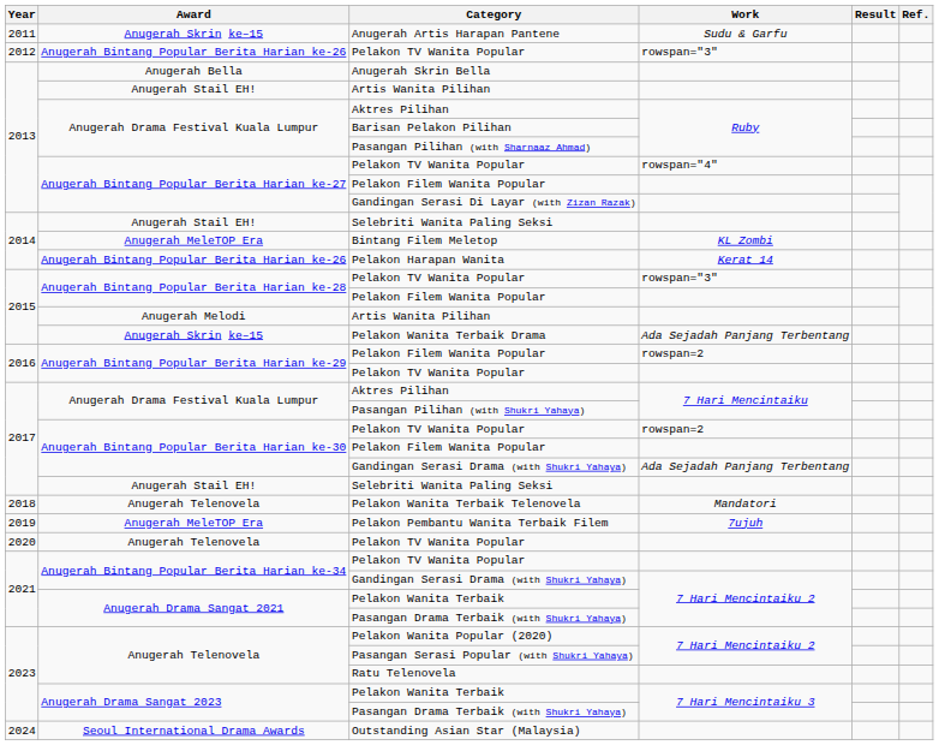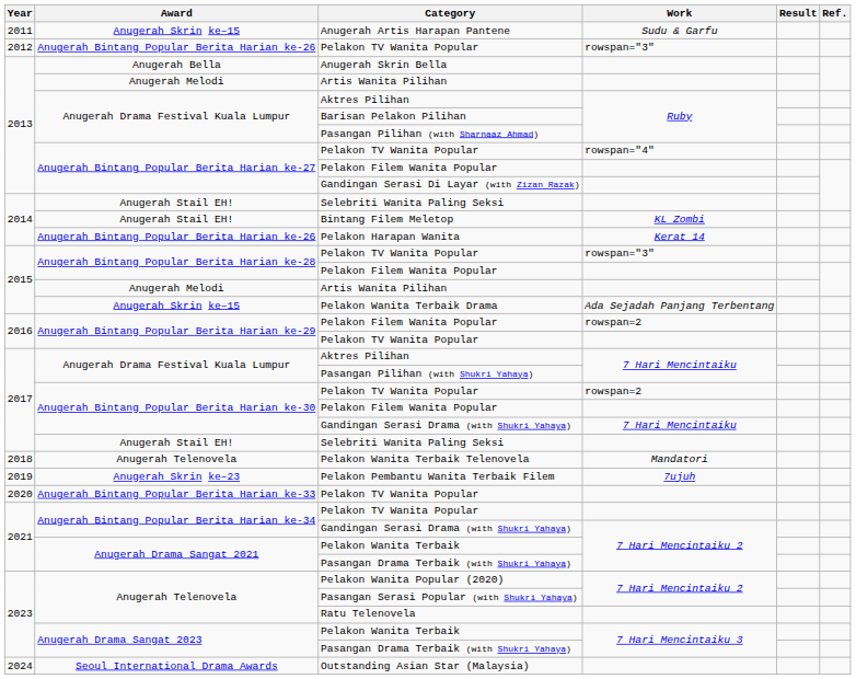 <table class="wikitable sortable">
 <tr>
 <th>Year</th>
 <th>Award</th>
 <th>Category</th>
 <th>Work</th>
 <th>Result</th>
 <th class=unsortable>Ref.</th>
 </tr>
 <tr>
 <td style="text-align:center;">2011</td>
 <td style="text-align:center;"><a href='#'>Anugerah Skrin</a> <a href='#'>ke–15</a></td>
 <td>Anugerah Artis Harapan Pantene</td>
 <td style="text-align:center;"><em>Sudu & Garfu</em></td>
 <td></td>
 <td></td>
 </tr>
 <tr>
 <td style="text-align:center;">2012</td>
 <td style="text-align:center;"><a href='#'>Anugerah Bintang Popular Berita Harian ke-26</a></td>
 <td>Pelakon TV Wanita Popular</td>
 <td>rowspan="3" </td>
 <td></td>
 <td></td>
 </tr>
 <tr>
 <td rowspan="8" style="text-align:center;">2013</td>
 <td style="text-align:center;">Anugerah Bella</td>
 <td>Anugerah Skrin Bella</td>
 <td></td>
 <td></td>
 </tr>
 <tr>
-<td style="text-align:center;">Anugerah Stail EH!</td>
+<td style="text-align:center;">Anugerah Melodi</td>
 <td>Artis Wanita Pilihan</td>
 <td></td>
 <td></td>
 </tr>
 <tr>
 <td rowspan="3" style="text-align:center;">Anugerah Drama Festival Kuala Lumpur</td>
 <td>Aktres Pilihan</td>
 <td rowspan="3" style="text-align:center;"><em><a href='#'>Ruby</a></em></td>
 <td></td>
 <td></td>
 </tr>
 <tr>
 <td>Barisan Pelakon Pilihan</td>
 <td></td>
 <td></td>
 </tr>
 <tr>
 <td>Pasangan Pilihan <small>(with <a href='#'>Sharnaaz Ahmad</a>)</small></td>
 <td></td>
 <td></td>
 </tr>
 <tr>
 <td rowspan="3" style="text-align:center;"><a href='#'>Anugerah Bintang Popular Berita Harian ke-27</a></td>
 <td>Pelakon TV Wanita Popular</td>
 <td>rowspan="4" </td>
 <td></td>
 <td></td>
 </tr>
 <tr>
 <td>Pelakon Filem Wanita Popular</td>
 <td></td>
 <td></td>
 </tr>
 <tr>
 <td>Gandingan Serasi Di Layar <small>(with <a href='#'>Zizan Razak</a>)</small></td>
 <td></td>
 <td></td>
 </tr>
 <tr>
 <td rowspan="3" style="text-align:center;">2014</td>
 <td style="text-align:center;">Anugerah Stail EH!</td>
 <td>Selebriti Wanita Paling Seksi</td>
 <td></td>
 <td></td>
 </tr>
 <tr>
-<td style="text-align:center;"><a href='#'>Anugerah MeleTOP Era</a></td>
+<td style="text-align:center;">Anugerah Stail EH!</td>
 <td>Bintang Filem Meletop</td>
 <td style="text-align:center;"><em><a href='#'>KL Zombi</a></em></td>
 <td></td>
 <td></td>
 </tr>
 <tr>
 <td style="text-align:center;"><a href='#'>Anugerah Bintang Popular Berita Harian ke-26</a></td>
 <td>Pelakon Harapan Wanita</td>
 <td style="text-align:center;"><em><a href='#'>Kerat 14</a></em></td>
 <td></td>
 <td></td>
 </tr>
 <tr>
 <td rowspan="4" style="text-align:center;">2015</td>
 <td rowspan="2" style="text-align:center;"><a href='#'>Anugerah Bintang Popular Berita Harian ke-28</a></td>
 <td>Pelakon TV Wanita Popular</td>
 <td>rowspan="3" </td>
 <td></td>
 <td></td>
 </tr>
 <tr>
 <td>Pelakon Filem Wanita Popular</td>
 <td></td>
 <td></td>
 </tr>
 <tr>
 <td style="text-align:center;">Anugerah Melodi</td>
 <td>Artis Wanita Pilihan</td>
 <td></td>
 <td></td>
 </tr>
 <tr>
 <td style="text-align:center;"><a href='#'>Anugerah Skrin</a> <a href='#'>ke–15</a></td>
 <td>Pelakon Wanita Terbaik Drama</td>
 <td style="text-align:center;"><em>Ada Sejadah Panjang Terbentang</em></td>
 <td></td>
 <td></td>
 </tr>
 <tr>
 <td rowspan=2 style="text-align:center;">2016</td>
 <td rowspan=2 style="text-align:center;"><a href='#'>Anugerah Bintang Popular Berita Harian ke-29</a></td>
 <td>Pelakon Filem Wanita Popular</td>
 <td>rowspan=2 </td>
 <td></td>
 <td></td>
 </tr>
 <tr>
 <td>Pelakon TV Wanita Popular</td>
 <td></td>
 <td></td>
 </tr>
 <tr>
 <td rowspan="6" style="text-align:center;">2017</td>
 <td rowspan=2 style="text-align:center;">Anugerah Drama Festival Kuala Lumpur</td>
 <td>Aktres Pilihan</td>
 <td rowspan=2 style="text-align:center;"><em><a href='#'>7 Hari Mencintaiku</a></em></td>
 <td></td>
 <td></td>
 </tr>
 <tr>
 <td>Pasangan Pilihan <small>(with <a href='#'>Shukri Yahaya</a>)</small></td>
 <td></td>
 <td></td>
 </tr>
 <tr>
 <td rowspan="3"  style="text-align:center;"><a href='#'>Anugerah Bintang Popular Berita Harian ke-30</a></td>
 <td>Pelakon TV Wanita Popular</td>
 <td>rowspan=2 </td>
 <td></td>
 <td></td>
 </tr>
 <tr>
 <td>Pelakon Filem Wanita Popular</td>
 <td></td>
 <td></td>
 </tr>
 <tr>
 <td>Gandingan Serasi Drama <small>(with <a href='#'>Shukri Yahaya</a>)</small></td>
-<td style="text-align:center;"><em>Ada Sejadah Panjang Terbentang</em></td>
+<td style="text-align:center;"><em><a href='#'>7 Hari Mencintaiku</a></em></td>
 <td></td>
 <td></td>
 </tr>
 <tr>
 <td style="text-align:center;">Anugerah Stail EH!</td>
 <td>Selebriti Wanita Paling Seksi</td>
 <td></td>
 <td></td>
 <td></td>
 </tr>
 <tr>
 <td style="text-align:center;">2018</td>
 <td style="text-align:center;">Anugerah Telenovela</td>
 <td>Pelakon Wanita Terbaik Telenovela</td>
 <td style="text-align:center;"><em>Mandatori</em></td>
 <td></td>
 <td></td>
 </tr>
 <tr>
 <td style="text-align:center;">2019</td>
-<td style="text-align:center;"><a href='#'>Anugerah MeleTOP Era</a></td>
+<td style="text-align:center;"><a href='#'>Anugerah Skrin</a> <a href='#'>ke–23</a></td>
 <td>Pelakon Pembantu Wanita Terbaik Filem</td>
 <td style="text-align:center;"><em><a href='#'>7ujuh</a></em></td>
 <td></td>
 <td></td>
 </tr>
 <tr>
 <td rowspan="1" style="text-align:center;">2020</td>
-<td style="text-align:center;">Anugerah Telenovela</td>
+<td rowspan="1" style="text-align:center;"><a href='#'>Anugerah Bintang Popular Berita Harian ke-33</a></td>
 <td>Pelakon TV Wanita Popular</td>
 <td></td>
 <td></td>
 <td></td>
 </tr>
 <tr>
 <td rowspan="4" style="text-align:center;">2021</td>
 <td rowspan="2" style="text-align:center;"><a href='#'>Anugerah Bintang Popular Berita Harian ke-34</a></td>
 <td>Pelakon TV Wanita Popular</td>
 <td></td>
 <td></td>
 <td></td>
 </tr>
 <tr>
 <td>Gandingan Serasi Drama <small>(with <a href='#'>Shukri Yahaya</a>)</small></td>
 <td rowspan="3" style="text-align:center;"><em><a href='#'>7 Hari Mencintaiku 2</a></em></td>
 <td></td>
 <td></td>
 </tr>
 <tr>
 <td rowspan="2" style="text-align:center;"><a href='#'>Anugerah Drama Sangat 2021</a></td>
 <td>Pelakon Wanita Terbaik</td>
 <td></td>
 <td></td>
 </tr>
 <tr>
 <td>Pasangan Drama Terbaik <small>(with <a href='#'>Shukri Yahaya</a>)</small></td>
 <td></td>
 <td></td>
 </tr>
 <tr>
 <td rowspan="5" style="text-align:center;">2023</td>
 <td rowspan="3" style="text-align:center;">Anugerah Telenovela</td>
 <td>Pelakon Wanita Popular (2020)</td>
 <td rowspan="2" style="text-align:center;"><em><a href='#'>7 Hari Mencintaiku 2</a></em></td>
 <td></td>
 <td></td>
 </tr>
 <tr>
 <td>Pasangan Serasi Popular <small>(with <a href='#'>Shukri Yahaya</a>)</small></td>
 <td></td>
 <td></td>
 </tr>
 <tr>
 <td>Ratu Telenovela</td>
 <td></td>
 <td></td>
 <td></td>
 </tr>
 <tr>
 <td rowspan="2"><div><a href='#'>Anugerah Drama Sangat 2023</a></div></td>
 <td>Pelakon Wanita Terbaik</td>
 <td rowspan="2" style="text-align:center;"><em><a href='#'>7 Hari Mencintaiku 3</a></em></td>
 <td></td>
 <td></td>
 </tr>
 <tr>
 <td>Pasangan Drama Terbaik <small>(with <a href='#'>Shukri Yahaya</a>)</small></td>
 <td></td>
 <td></td>
 </tr>
 <tr>
 <td style="text-align:center;">2024</td>
 <td style="text-align:center;"><a href='#'>Seoul International Drama Awards</a></td>
 <td>Outstanding Asian Star (Malaysia)</td>
 <td></td>
 <td></td>
 <td></td>
 </tr>
 </table>
